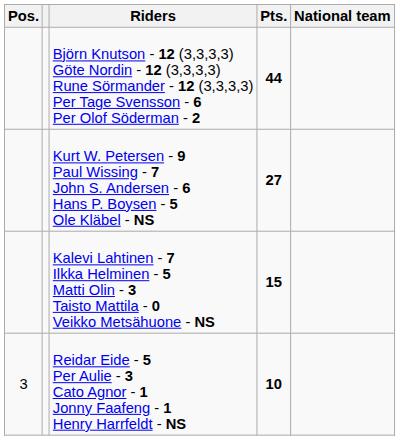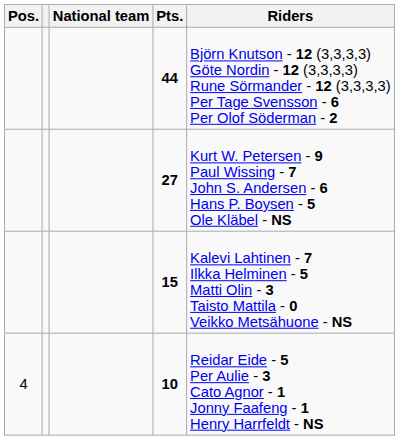 <table class=wikitable style="font-size:93%;">
 <tr>
 <th>Pos.</th>
 <th></th>
+<th>National team</th>
+<th>Pts.</th>
 <th>Riders</th>
-<th>Pts.</th>
-<th>National team</th>
 </tr>
 <tr align=center >
 <td></td>
 <td></td>
+<td align=left></td>
+<td><strong>44</strong></td>
 <td align=left><br><a href='#'>Björn Knutson</a> - <strong>12</strong> (3,3,3,3)<br> <a href='#'>Göte Nordin</a> - <strong>12</strong> (3,3,3,3) <br> <a href='#'>Rune Sörmander</a> - <strong>12</strong> (3,3,3,3) <br> <a href='#'>Per Tage Svensson</a> - <strong>6</strong> <br> <a href='#'>Per Olof Söderman</a> - <strong>2</strong></td>
-<td><strong>44</strong></td>
-<td align=left></td>
 </tr>
 <tr align=center >
 <td></td>
 <td></td>
+<td align=left></td>
+<td><strong>27</strong></td>
 <td align=left><br><a href='#'>Kurt W. Petersen</a> - <strong>9</strong> <br> <a href='#'>Paul Wissing</a> - <strong>7</strong> <br> <a href='#'>John S. Andersen</a> - <strong>6</strong> <br> <a href='#'>Hans P. Boysen</a> - <strong>5</strong> <br> <a href='#'>Ole Kläbel</a> - <strong>NS</strong></td>
-<td><strong>27</strong></td>
-<td align=left></td>
 </tr>
 <tr align=center >
 <td></td>
 <td></td>
+<td align=left></td>
+<td><strong>15</strong></td>
 <td align=left><br><a href='#'>Kalevi Lahtinen</a> - <strong>7</strong> <br> <a href='#'>Ilkka Helminen</a> - <strong>5</strong> <br> <a href='#'>Matti Olin</a> - <strong>3</strong> <br> <a href='#'>Taisto Mattila</a> - <strong>0</strong> <br> <a href='#'>Veikko Metsähuone</a> - <strong>NS</strong></td>
-<td><strong>15</strong></td>
-<td align=left></td>
 </tr>
 <tr align=center>
-<td>3</td>
+<td>4</td>
 <td></td>
+<td align=left></td>
+<td><strong>10</strong></td>
 <td align=left><br><a href='#'>Reidar Eide</a> - <strong>5</strong> <br> <a href='#'>Per Aulie</a> - <strong>3</strong> <br> <a href='#'>Cato Agnor</a> - <strong>1</strong> <br> <a href='#'>Jonny Faafeng</a> - <strong>1</strong> <br> <a href='#'>Henry Harrfeldt</a> - <strong>NS</strong> <br></td>
-<td><strong>10</strong></td>
-<td align=left></td>
 </tr>
 </table>
